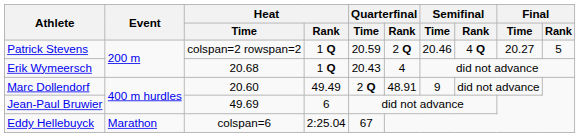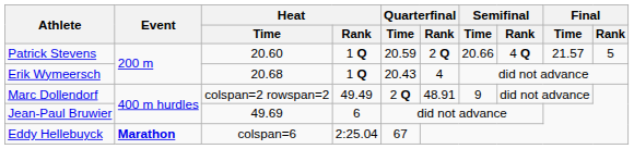 <table class=wikitable style=font-size:90%;text-align:center>
 <tr>
 <th rowspan=2>Athlete</th>
 <th rowspan=2>Event</th>
 <th colspan=2>Heat</th>
 <th colspan=2>Quarterfinal</th>
 <th colspan=2>Semifinal</th>
 <th colspan=2>Final</th>
 </tr>
 <tr style=font-size:95%>
 <th>Time</th>
 <th>Rank</th>
 <th>Time</th>
 <th>Rank</th>
 <th>Time</th>
 <th>Rank</th>
 <th>Time</th>
 <th>Rank</th>
 </tr>
 <tr>
 <td align=left><a href='#'>Patrick Stevens</a></td>
 <td align=left rowspan=2><a href='#'>200 m</a></td>
-<td>colspan=2 rowspan=2 </td>
+<td>20.60</td>
 <td>1 <strong>Q</strong></td>
 <td>20.59</td>
 <td>2 <strong>Q</strong></td>
-<td>20.46</td>
+<td>20.66</td>
 <td>4 <strong>Q</strong></td>
-<td>20.27</td>
+<td>21.57</td>
 <td>5</td>
 </tr>
 <tr>
 <td align=left><a href='#'>Erik Wymeersch</a></td>
 <td>20.68</td>
 <td>1 <strong>Q</strong></td>
 <td>20.43</td>
 <td>4</td>
 <td colspan=4>did not advance</td>
 </tr>
 <tr>
 <td align=left><a href='#'>Marc Dollendorf</a></td>
 <td align=left rowspan=2><a href='#'>400 m hurdles</a></td>
-<td>20.60</td>
+<td>colspan=2 rowspan=2 </td>
 <td>49.49</td>
 <td>2 <strong>Q</strong></td>
 <td>48.91</td>
 <td>9</td>
 <td colspan=2>did not advance</td>
 </tr>
 <tr>
 <td align=left><a href='#'>Jean-Paul Bruwier</a></td>
 <td>49.69</td>
 <td>6</td>
 <td colspan=4>did not advance</td>
 </tr>
 <tr>
 <td align=left><a href='#'>Eddy Hellebuyck</a></td>
-<td align=left><a href='#'>Marathon</a></td>
+<td align=left><strong><a href='#'>Marathon</a></strong></td>
 <td>colspan=6  </td>
 <td>2:25.04</td>
 <td>67</td>
 </tr>
 </table>
